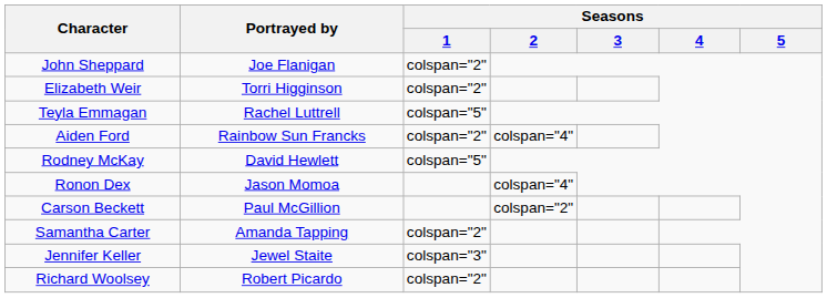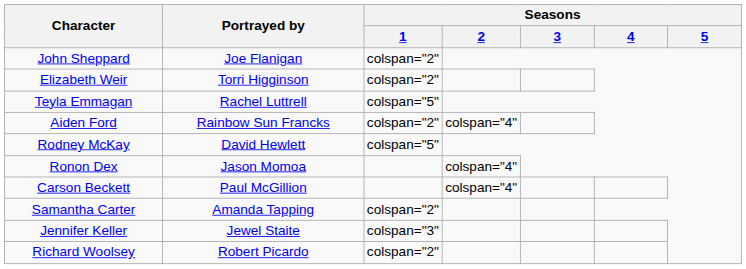 <table class="wikitable plainrowheaders" style="text-align:center">
 <tr>
 <th scope="col" rowspan="2">Character</th>
 <th scope="col" rowspan="2">Portrayed by</th>
 <th scope="col" colspan="11">Seasons</th>
 </tr>
 <tr>
 <th scope="col" style="width:10%;"><a href='#'>1</a></th>
 <th scope="col" style="width:10%;"><a href='#'>2</a></th>
 <th scope="col" style="width:10%;"><a href='#'>3</a></th>
 <th scope="col" style="width:10%;"><a href='#'>4</a></th>
 <th scope="col" style="width:10%;"><a href='#'>5</a></th>
 </tr>
 <tr>
 <td scope="row"><a href='#'>John Sheppard</a></td>
 <td><a href='#'>Joe Flanigan</a></td>
 <td>colspan="2" </td>
 </tr>
 <tr>
 <td scope="row"><a href='#'>Elizabeth Weir</a></td>
 <td><a href='#'>Torri Higginson</a></td>
 <td>colspan="2" </td>
 <td></td>
 <td></td>
 </tr>
 <tr>
 <td scope="row"><a href='#'>Teyla Emmagan</a></td>
 <td><a href='#'>Rachel Luttrell</a></td>
 <td>colspan="5" </td>
 </tr>
 <tr>
 <td scope="row"><a href='#'>Aiden Ford</a></td>
 <td><a href='#'>Rainbow Sun Francks</a></td>
 <td>colspan="2" </td>
 <td>colspan="4" </td>
 <td></td>
 </tr>
 <tr>
 <td scope="row"><a href='#'>Rodney McKay</a></td>
 <td><a href='#'>David Hewlett</a></td>
 <td>colspan="5" </td>
 </tr>
 <tr>
 <td scope="row"><a href='#'>Ronon Dex</a></td>
 <td><a href='#'>Jason Momoa</a></td>
 <td></td>
 <td>colspan="4" </td>
 </tr>
 <tr>
 <td scope="row"><a href='#'>Carson Beckett</a></td>
 <td><a href='#'>Paul McGillion</a></td>
 <td></td>
-<td>colspan="2" </td>
+<td>colspan="4" </td>
 <td></td>
 <td></td>
 </tr>
 <tr>
 <td scope="row"><a href='#'>Samantha Carter</a></td>
 <td><a href='#'>Amanda Tapping</a></td>
 <td>colspan="2" </td>
 <td></td>
 <td></td>
 </tr>
 <tr>
 <td scope="row"><a href='#'>Jennifer Keller</a></td>
 <td><a href='#'>Jewel Staite</a></td>
 <td>colspan="3" </td>
 <td></td>
 <td></td>
 <td></td>
 </tr>
 <tr>
 <td scope="row"><a href='#'>Richard Woolsey</a></td>
 <td><a href='#'>Robert Picardo</a></td>
 <td>colspan="2" </td>
 <td></td>
 <td></td>
 <td></td>
 </tr>
 </table>
